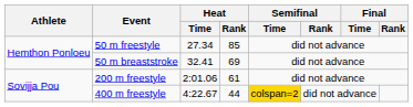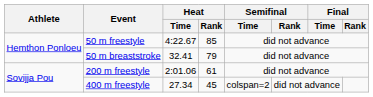 <table class=wikitable style="font-size:90%">
 <tr>
 <th rowspan="2">Athlete</th>
 <th rowspan="2">Event</th>
 <th colspan="2">Heat</th>
 <th colspan="2">Semifinal</th>
 <th colspan="2">Final</th>
 </tr>
 <tr style="font-size:95%">
 <th>Time</th>
 <th>Rank</th>
 <th>Time</th>
 <th>Rank</th>
 <th>Time</th>
 <th>Rank</th>
 </tr>
 <tr align=center>
 <td align=left rowspan=2><a href='#'>Hemthon Ponloeu</a></td>
 <td align=left><a href='#'>50 m freestyle</a></td>
-<td>27.34</td>
+<td>4:22.67</td>
 <td>85</td>
 <td colspan=4>did not advance</td>
 </tr>
 <tr align=center>
 <td align=left><a href='#'>50 m breaststroke</a></td>
 <td>32.41</td>
-<td>69</td>
+<td>79</td>
 <td colspan=4>did not advance</td>
 </tr>
 <tr align=center>
 <td align=left rowspan=2><a href='#'>Sovijja Pou</a></td>
 <td align=left><a href='#'>200 m freestyle</a></td>
 <td>2:01.06</td>
 <td>61</td>
 <td colspan=4>did not advance</td>
 </tr>
 <tr align=center>
 <td align=left><a href='#'>400 m freestyle</a></td>
-<td>4:22.67</td>
-<td>44</td>
-<td style="background: gold;">colspan=2 </td>
+<td>27.34</td>
+<td>45</td>
+<td>colspan=2 </td>
 <td colspan=2>did not advance</td>
 </tr>
 </table>
